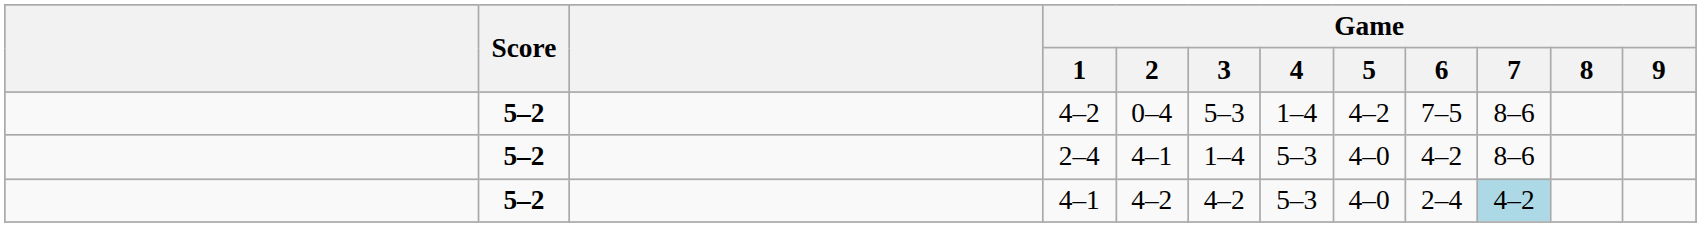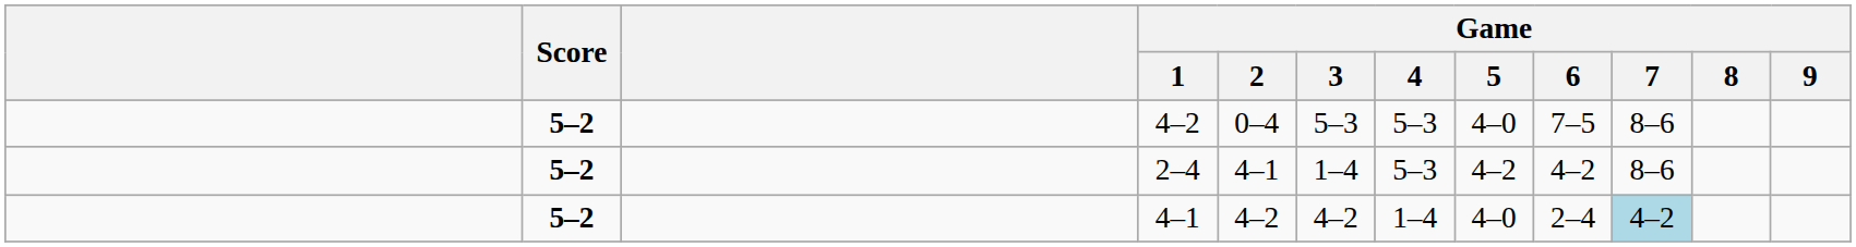 <table class="wikitable" style="text-align: center;">
 <tr>
 <th rowspan=2 align="right" width="270"></th>
 <th rowspan=2 width="45">Score</th>
 <th rowspan=2 align="left" width="270"></th>
 <th colspan=9>Game</th>
 </tr>
 <tr>
 <th width="35">1</th>
 <th width="35">2</th>
 <th width="35">3</th>
 <th width="35">4</th>
 <th width="35">5</th>
 <th width="35">6</th>
 <th width="35">7</th>
 <th width="35">8</th>
 <th width="35">9</th>
 </tr>
 <tr>
 <td align=left><strong><br></strong></td>
 <td align=center><strong>5–2</strong></td>
 <td align=left><br></td>
 <td>4–2</td>
 <td>0–4</td>
 <td>5–3</td>
-<td>1–4</td>
-<td>4–2</td>
+<td>5–3</td>
+<td>4–0</td>
 <td>7–5</td>
 <td>8–6</td>
 <td></td>
 <td></td>
 </tr>
 <tr>
 <td align=left><strong><br></strong></td>
 <td align=center><strong>5–2</strong></td>
 <td align=left><br></td>
 <td>2–4</td>
 <td>4–1</td>
 <td>1–4</td>
 <td>5–3</td>
-<td>4–0</td>
+<td>4–2</td>
 <td>4–2</td>
 <td>8–6</td>
 <td></td>
 <td></td>
 </tr>
 <tr>
 <td align=left><strong><br></strong></td>
 <td align=center><strong>5–2</strong></td>
 <td align=left><br></td>
 <td>4–1</td>
 <td>4–2</td>
 <td>4–2</td>
-<td>5–3</td>
+<td>1–4</td>
 <td>4–0</td>
 <td>2–4</td>
 <td style="background: lightblue;">4–2</td>
 <td></td>
 <td></td>
 </tr>
 </table>
